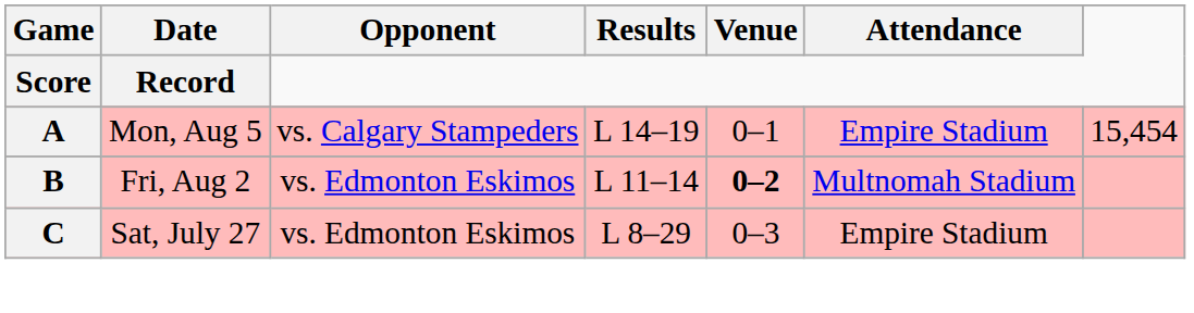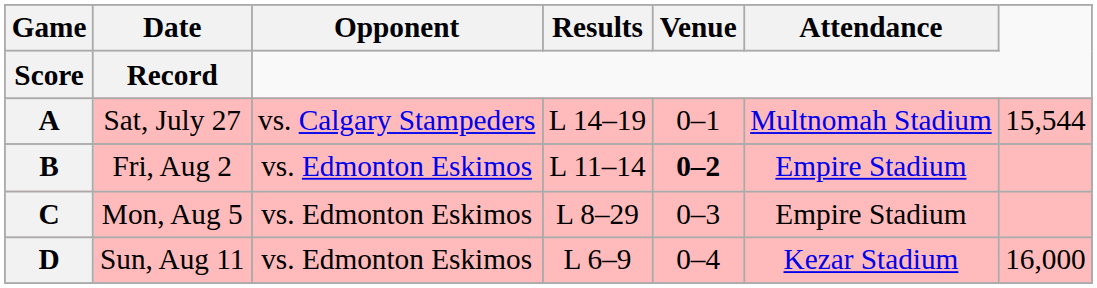 <table class="wikitable" style="text-align:center">
 <tr>
 <th>Game</th>
 <th>Date</th>
 <th>Opponent</th>
 <th>Results</th>
 <th>Venue</th>
 <th>Attendance</th>
 </tr>
 <tr>
 <th>Score</th>
 <th>Record</th>
 </tr>
 <tr style="background:#ffbbbb">
 <th>A</th>
-<td>Mon, Aug 5</td>
+<td>Sat, July 27</td>
 <td>vs. <a href='#'>Calgary Stampeders</a></td>
 <td>L 14–19</td>
 <td>0–1</td>
-<td><a href='#'>Empire Stadium</a></td>
-<td>15,454</td>
+<td><a href='#'>Multnomah Stadium</a></td>
+<td>15,544</td>
 </tr>
 <tr style="background:#ffbbbb">
 <th>B</th>
 <td>Fri, Aug 2</td>
 <td>vs. <a href='#'>Edmonton Eskimos</a></td>
 <td>L 11–14</td>
 <td><strong>0–2</strong></td>
-<td><a href='#'>Multnomah Stadium</a></td>
+<td><a href='#'>Empire Stadium</a></td>
 <td></td>
 </tr>
 <tr style="background:#ffbbbb">
 <th>C</th>
-<td>Sat, July 27</td>
+<td>Mon, Aug 5</td>
 <td>vs. Edmonton Eskimos</td>
 <td>L 8–29</td>
 <td>0–3</td>
 <td>Empire Stadium</td>
 <td></td>
 </tr>
+<tr style="background:#ffbbbb">
+<th>D</th>
+<td>Sun, Aug 11</td>
+<td>vs. Edmonton Eskimos</td>
+<td>L 6–9</td>
+<td>0–4</td>
+<td><a href='#'>Kezar Stadium</a></td>
+<td>16,000</td>
+</tr>
 </table>
